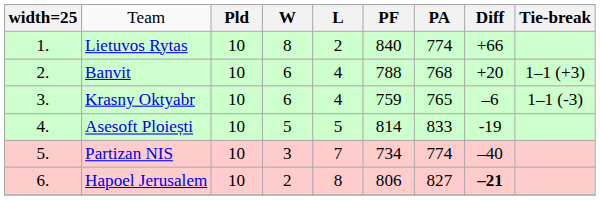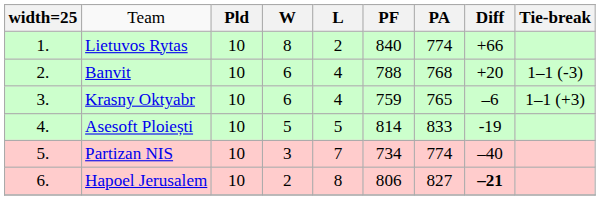 <table class="wikitable" style="text-align:center">
 <tr>
 <th>width=25</th>
 <td !width=220>Team</td>
 <th width=40>Pld</th>
 <th width=40>W</th>
 <th width=40>L</th>
 <th width=40>PF</th>
 <th width=40>PA</th>
 <th width=40>Diff</th>
 <th>Tie-break</th>
 </tr>
 <tr style="background:#ccffcc;">
 <td>1.</td>
 <td align=left> <a href='#'>Lietuvos Rytas</a></td>
 <td>10</td>
 <td>8</td>
 <td>2</td>
 <td>840</td>
 <td>774</td>
 <td>+66</td>
 <td></td>
 </tr>
 <tr style="background:#cfc;">
 <td>2.</td>
 <td align=left> <a href='#'>Banvit</a></td>
 <td>10</td>
 <td>6</td>
 <td>4</td>
 <td>788</td>
 <td>768</td>
 <td>+20</td>
-<td>1–1 (+3)</td>
+<td>1–1 (-3)</td>
 </tr>
 <tr style="background:#cfc;">
 <td>3.</td>
 <td align=left> <a href='#'>Krasny Oktyabr</a></td>
 <td>10</td>
 <td>6</td>
 <td>4</td>
 <td>759</td>
 <td>765</td>
 <td>–6</td>
-<td>1–1 (-3)</td>
+<td>1–1 (+3)</td>
 </tr>
 <tr style="background:#cfc;">
 <td>4.</td>
 <td align=left> <a href='#'>Asesoft Ploiești</a></td>
 <td>10</td>
 <td>5</td>
 <td>5</td>
 <td>814</td>
 <td>833</td>
 <td>-19</td>
 <td></td>
 </tr>
 <tr style="background:#fcc;">
 <td>5.</td>
 <td align=left> <a href='#'>Partizan NIS</a></td>
 <td>10</td>
 <td>3</td>
 <td>7</td>
 <td>734</td>
 <td>774</td>
 <td>–40</td>
 <td></td>
 </tr>
 <tr style="background:#fcc;">
 <td>6.</td>
 <td align=left> <a href='#'>Hapoel Jerusalem</a></td>
 <td>10</td>
 <td>2</td>
 <td>8</td>
 <td>806</td>
 <td>827</td>
 <td><strong>–21</strong></td>
 <td></td>
 </tr>
 <tr>
 </tr>
 </table>
